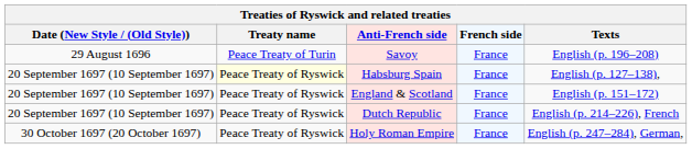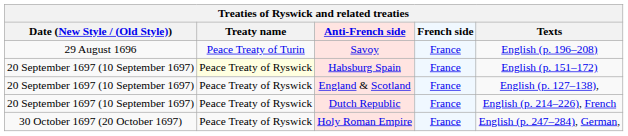 <table class="wikitable" style="text-align:center;">
 <tr>
 <th colspan="6" align="center">Treaties of Ryswick and related treaties</th>
 </tr>
 <tr>
 <th>Date (<a href='#'>New Style / (Old Style)</a>)</th>
 <th>Treaty name</th>
 <th style="background-color:MistyRose;"><a href='#'>Anti-French side</a></th>
 <th style="background-color:AliceBlue;">French side</th>
 <th>Texts</th>
 </tr>
 <tr>
 <td>29 August 1696</td>
 <td><a href='#'>Peace Treaty of Turin</a></td>
 <td style="background-color:MistyRose;"><a href='#'>Savoy</a></td>
 <td style="background-color:AliceBlue;"><a href='#'>France</a></td>
 <td><a href='#'>English (p. 196–208)</a></td>
 </tr>
 <tr>
 <td>20 September 1697 (10 September 1697)</td>
 <td style="background: lightyellow;">Peace Treaty of Ryswick</td>
 <td style="background-color:MistyRose;"><a href='#'>Habsburg Spain</a></td>
 <td style="background-color:AliceBlue;"><a href='#'>France</a></td>
-<td><a href='#'>English (p. 127–138)</a>, </td>
+<td><a href='#'>English (p. 151–172)</a></td>
 </tr>
 <tr>
 <td>20 September 1697 (10 September 1697)</td>
 <td>Peace Treaty of Ryswick</td>
 <td style="background-color:MistyRose;"><a href='#'>England</a> & <a href='#'>Scotland</a></td>
 <td style="background-color:AliceBlue;"><a href='#'>France</a></td>
-<td><a href='#'>English (p. 151–172)</a></td>
+<td><a href='#'>English (p. 127–138)</a>, </td>
 </tr>
 <tr>
 <td>20 September 1697 (10 September 1697)</td>
 <td>Peace Treaty of Ryswick</td>
 <td style="background-color:MistyRose;"><a href='#'>Dutch Republic</a></td>
 <td style="background-color:AliceBlue;"><a href='#'>France</a></td>
 <td><a href='#'>English (p. 214–226)</a>, <a href='#'>French</a></td>
 </tr>
 <tr>
 <td>30 October 1697 (20 October 1697)</td>
 <td>Peace Treaty of Ryswick</td>
 <td style="background-color:MistyRose;"><a href='#'>Holy Roman Empire</a></td>
 <td style="background-color:AliceBlue;"><a href='#'>France</a></td>
 <td><a href='#'>English (p. 247–284)</a>, <a href='#'>German</a>, </td>
 </tr>
 </table>
